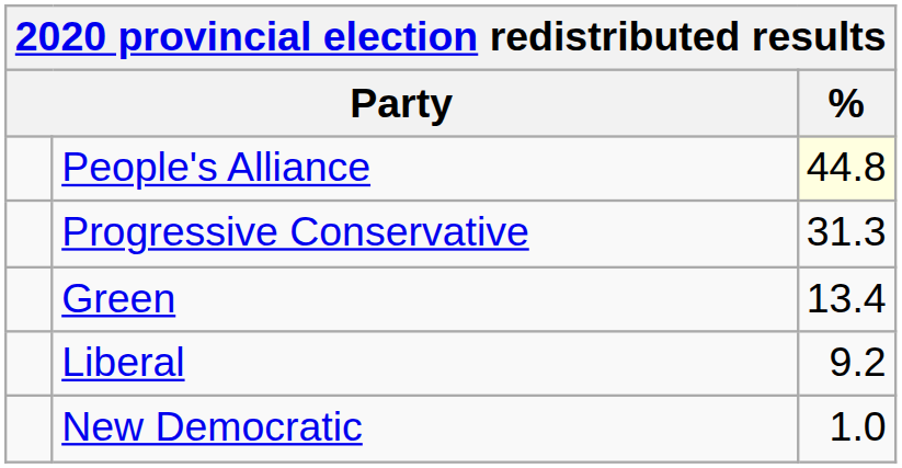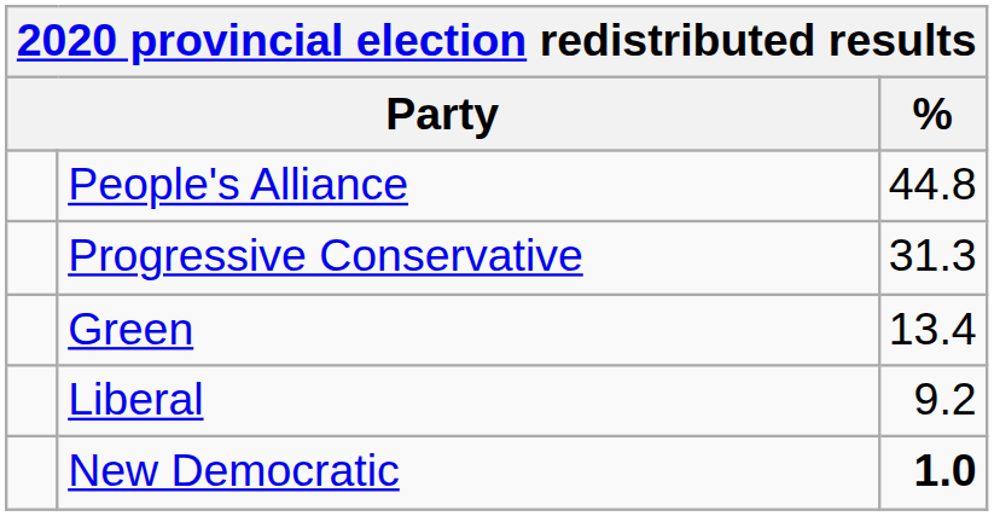 <table class="wikitable">
 <tr>
 <th colspan="4"><a href='#'>2020 provincial election</a> redistributed results</th>
 </tr>
 <tr>
 <th bgcolor="#DDDDFF" width="130px" colspan="2">Party</th>
 <th bgcolor="#DDDDFF" width="30px">%</th>
 </tr>
 <tr>
 <td> </td>
 <td><a href='#'>People's Alliance</a></td>
-<td align=right style="background: lightyellow;">44.8</td>
+<td align=right>44.8</td>
 </tr>
 <tr>
 <td> </td>
 <td><a href='#'>Progressive Conservative</a></td>
 <td align=right>31.3</td>
 </tr>
 <tr>
 <td> </td>
 <td><a href='#'>Green</a></td>
 <td align=right>13.4</td>
 </tr>
 <tr>
 <td> </td>
 <td><a href='#'>Liberal</a></td>
 <td align=right>9.2</td>
 </tr>
 <tr>
 <td> </td>
 <td><a href='#'>New Democratic</a></td>
-<td align=right>1.0</td>
+<td align=right><strong>1.0</strong></td>
 </tr>
 </table>
